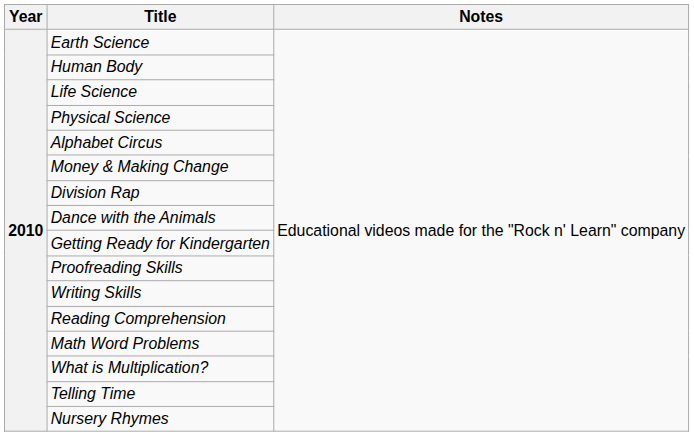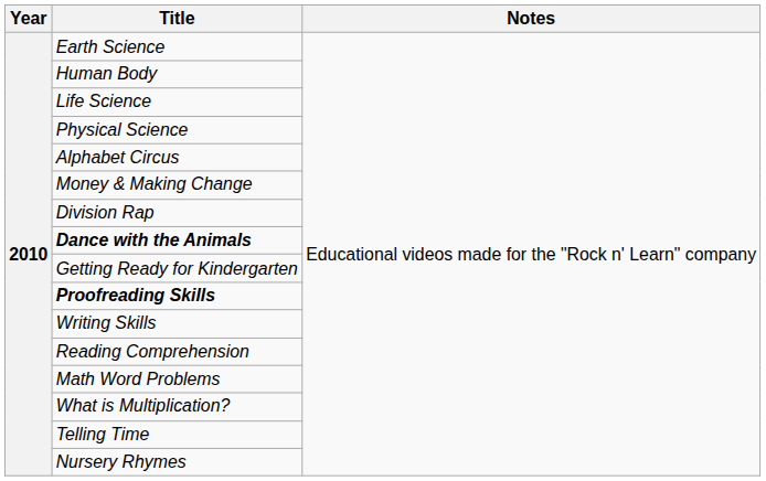 <table class="wikitable sortable">
 <tr>
 <th scope="col">Year</th>
 <th scope="col">Title</th>
 <th scope="col">Notes</th>
 </tr>
 <tr>
 <th rowspan="16" scope="row">2010</th>
 <td><em>Earth Science</em></td>
 <td rowspan="16">Educational videos made for the "Rock n' Learn" company</td>
 </tr>
 <tr>
 <td><em>Human Body</em></td>
 </tr>
 <tr>
 <td><em>Life Science</em></td>
 </tr>
 <tr>
 <td><em>Physical Science</em></td>
 </tr>
 <tr>
 <td><em>Alphabet Circus</em></td>
 </tr>
 <tr>
 <td><em>Money & Making Change</em></td>
 </tr>
 <tr>
 <td><em>Division Rap</em></td>
 </tr>
 <tr>
-<td><em>Dance with the Animals</em></td>
+<td><strong><em>Dance with the Animals</em></strong></td>
 </tr>
 <tr>
 <td><em>Getting Ready for Kindergarten</em></td>
 </tr>
 <tr>
-<td><em>Proofreading Skills</em></td>
+<td><strong><em>Proofreading Skills</em></strong></td>
 </tr>
 <tr>
 <td><em>Writing Skills</em></td>
 </tr>
 <tr>
 <td><em>Reading Comprehension</em></td>
 </tr>
 <tr>
 <td><em>Math Word Problems</em></td>
 </tr>
 <tr>
 <td><em>What is Multiplication?</em></td>
 </tr>
 <tr>
 <td><em>Telling Time</em></td>
 </tr>
 <tr>
 <td><em>Nursery Rhymes</em></td>
 </tr>
 </table>
